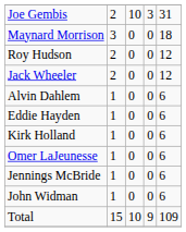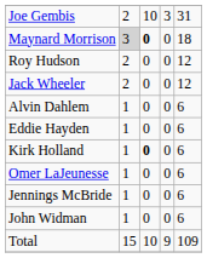 <table class="wikitable">
 <tr>
 </tr>
 <tr>
 <td><a href='#'>Joe Gembis</a></td>
 <td>2</td>
 <td>10</td>
 <td>3</td>
 <td>31</td>
 </tr>
 <tr>
 <td><a href='#'>Maynard Morrison</a></td>
-<td>3</td>
-<td>0</td>
+<td style="background: lightgrey;">3</td>
+<td><strong>0</strong></td>
 <td>0</td>
 <td>18</td>
 </tr>
 <tr>
 <td>Roy Hudson</td>
 <td>2</td>
 <td>0</td>
 <td>0</td>
 <td>12</td>
 </tr>
 <tr>
 <td><a href='#'>Jack Wheeler</a></td>
 <td>2</td>
 <td>0</td>
 <td>0</td>
 <td>12</td>
 </tr>
 <tr>
 <td>Alvin Dahlem</td>
 <td>1</td>
 <td>0</td>
 <td>0</td>
 <td>6</td>
 </tr>
 <tr>
 <td>Eddie Hayden</td>
 <td>1</td>
 <td>0</td>
 <td>0</td>
 <td>6</td>
 </tr>
 <tr>
 <td>Kirk Holland</td>
 <td>1</td>
-<td>0</td>
+<td><strong>0</strong></td>
 <td>0</td>
 <td>6</td>
 </tr>
 <tr>
 <td><a href='#'>Omer LaJeunesse</a></td>
 <td>1</td>
 <td>0</td>
 <td>0</td>
 <td>6</td>
 </tr>
 <tr>
 <td>Jennings McBride</td>
 <td>1</td>
 <td>0</td>
 <td>0</td>
 <td>6</td>
 </tr>
 <tr>
 <td>John Widman</td>
 <td>1</td>
 <td>0</td>
 <td>0</td>
 <td>6</td>
 </tr>
 <tr>
 <td>Total</td>
 <td>15</td>
 <td>10</td>
 <td>9</td>
 <td>109</td>
 </tr>
 <tr>
 </tr>
 </table>
